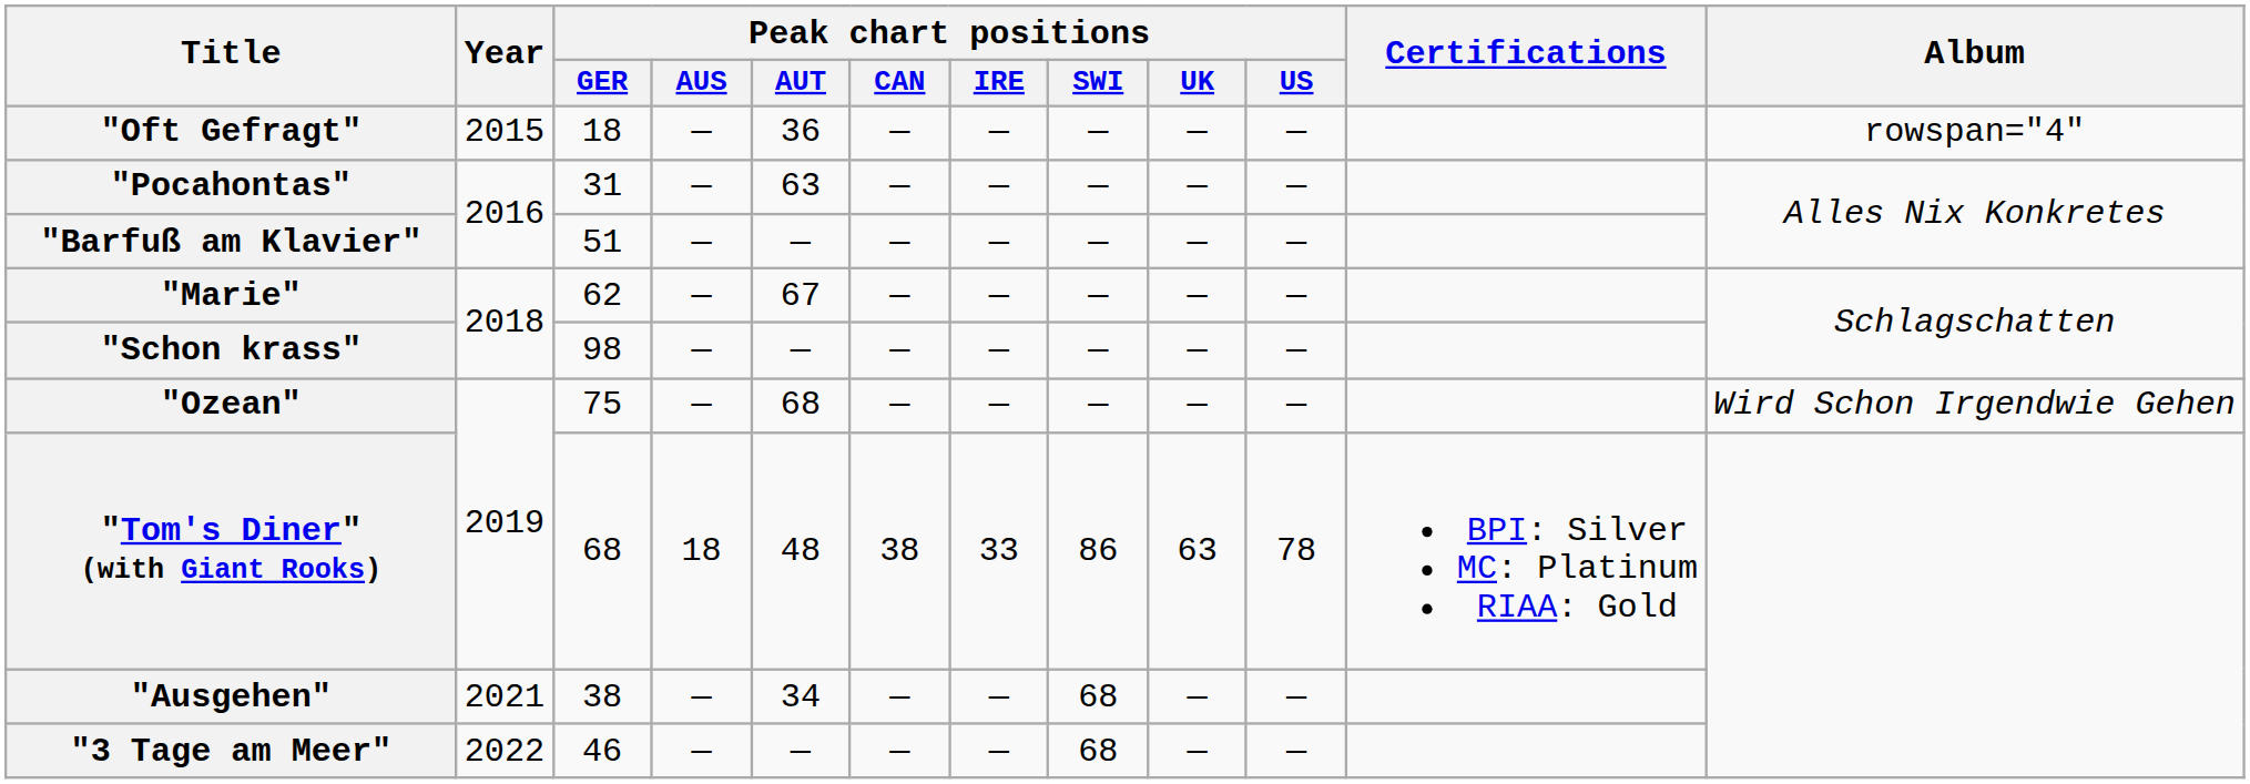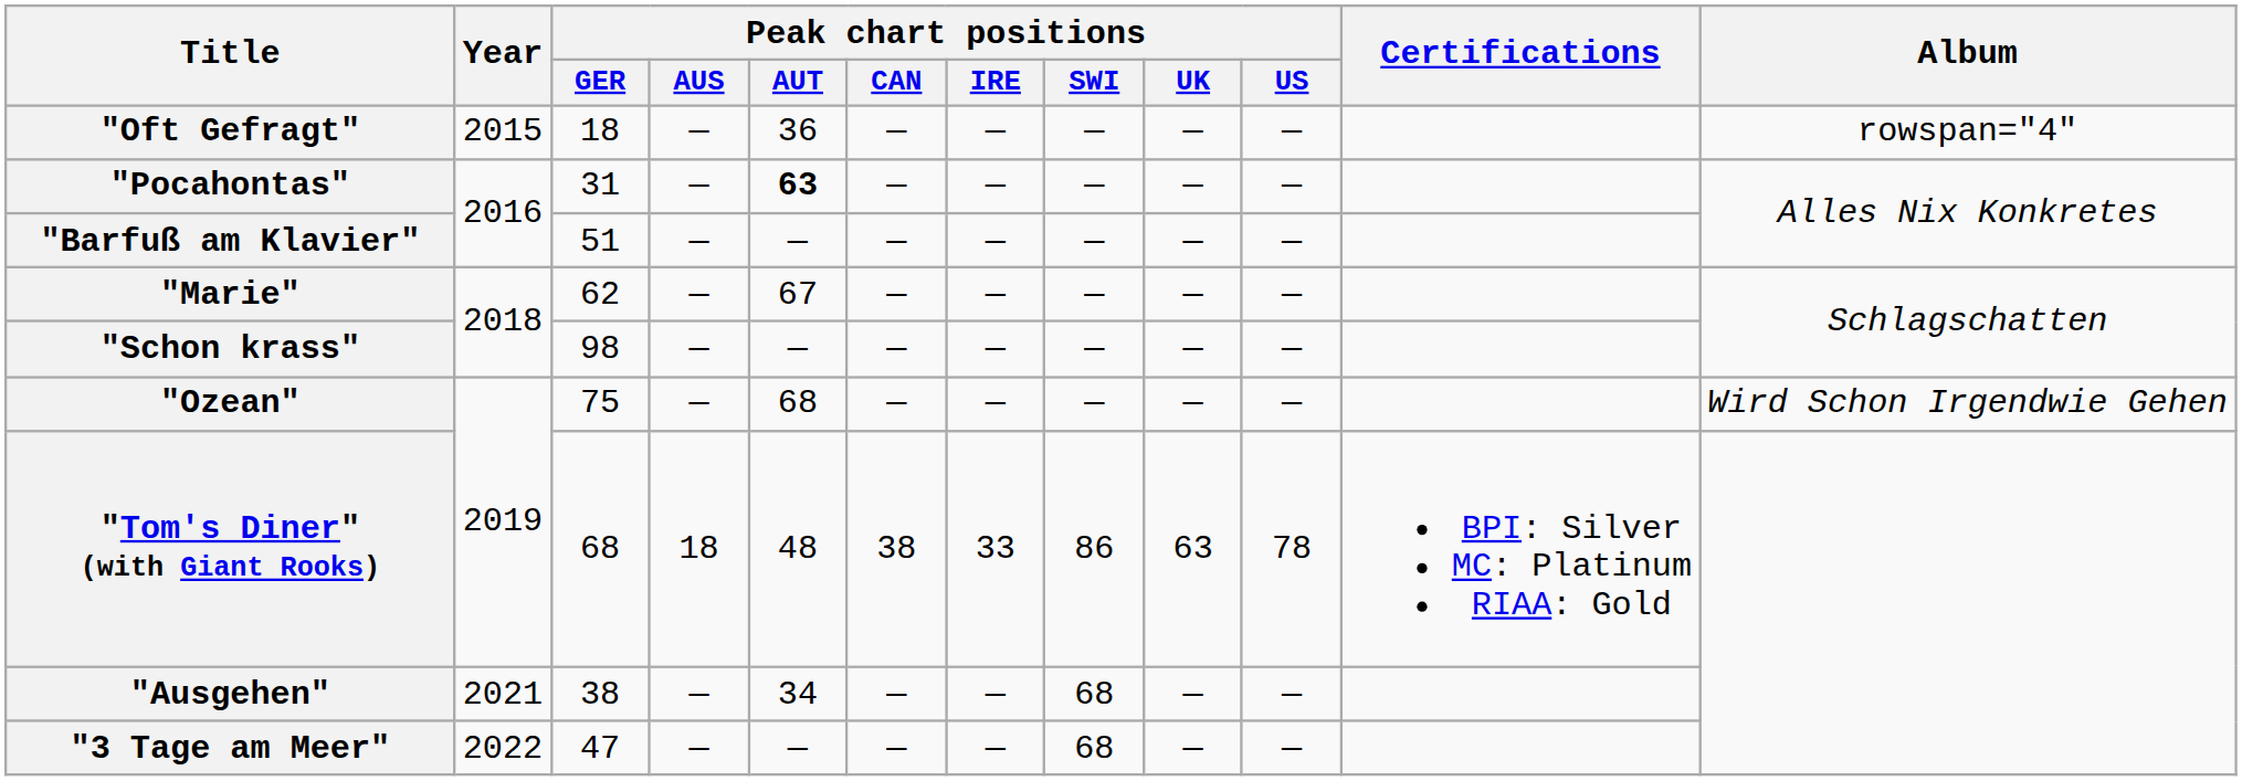 <table class="wikitable plainrowheaders" style="text-align:center;">
 <tr>
 <th scope="col" rowspan="2" style="width:13em;">Title</th>
 <th scope="col" rowspan="2" style="width:1em;">Year</th>
 <th scope="col" colspan="8">Peak chart positions</th>
 <th scope="col" rowspan="2"><a href='#'>Certifications</a></th>
 <th scope="col" rowspan="2">Album</th>
 </tr>
 <tr>
 <th scope="col" style="width:3em;font-size:85%;"><a href='#'>GER</a><br></th>
 <th scope="col" style="width:3em;font-size:85%;"><a href='#'>AUS</a><br></th>
 <th scope="col" style="width:3em;font-size:85%;"><a href='#'>AUT</a><br></th>
 <th scope="col" style="width:3em;font-size:85%"><a href='#'>CAN</a><br></th>
 <th scope="col" style="width:3em;font-size:85%"><a href='#'>IRE</a><br></th>
 <th scope="col" style="width:3em;font-size:85%"><a href='#'>SWI</a><br></th>
 <th scope="col" style="width:3em;font-size:85%"><a href='#'>UK</a><br></th>
 <th scope="col" style="width:3em;font-size:85%"><a href='#'>US</a><br></th>
 </tr>
 <tr>
 <th scope="row">"Oft Gefragt"</th>
 <td>2015</td>
 <td>18</td>
 <td>—</td>
 <td>36</td>
 <td>—</td>
 <td>—</td>
 <td>—</td>
 <td>—</td>
 <td>—</td>
 <td></td>
 <td>rowspan="4" </td>
 </tr>
 <tr>
 <th scope="row">"Pocahontas"</th>
 <td rowspan="2">2016</td>
 <td>31</td>
 <td>—</td>
-<td>63</td>
+<td><strong>63</strong></td>
 <td>—</td>
 <td>—</td>
 <td>—</td>
 <td>—</td>
 <td>—</td>
 <td></td>
 <td rowspan="2"><em>Alles Nix Konkretes</em></td>
 </tr>
 <tr>
 <th scope="row">"Barfuß am Klavier"</th>
 <td>51</td>
 <td>—</td>
 <td>—</td>
 <td>—</td>
 <td>—</td>
 <td>—</td>
 <td>—</td>
 <td>—</td>
 <td></td>
 </tr>
 <tr>
 <th scope="row">"Marie"</th>
 <td rowspan="2">2018</td>
 <td>62</td>
 <td>—</td>
 <td>67</td>
 <td>—</td>
 <td>—</td>
 <td>—</td>
 <td>—</td>
 <td>—</td>
 <td></td>
 <td rowspan="2"><em>Schlagschatten</em></td>
 </tr>
 <tr>
 <th scope="row">"Schon krass"</th>
 <td>98</td>
 <td>—</td>
 <td>—</td>
 <td>—</td>
 <td>—</td>
 <td>—</td>
 <td>—</td>
 <td>—</td>
 <td></td>
 </tr>
 <tr>
 <th scope="row">"Ozean"</th>
 <td rowspan="2">2019</td>
 <td>75</td>
 <td>—</td>
 <td>68</td>
 <td>—</td>
 <td>—</td>
 <td>—</td>
 <td>—</td>
 <td>—</td>
 <td></td>
 <td><em>Wird Schon Irgendwie Gehen</em></td>
 </tr>
 <tr>
 <th scope="row">"<a href='#'>Tom's Diner</a>" <small><br> (with <a href='#'>Giant Rooks</a>)</small></th>
 <td>68</td>
 <td>18</td>
 <td>48</td>
 <td>38</td>
 <td>33</td>
 <td>86</td>
 <td>63</td>
 <td>78</td>
 <td><br><ul><li><a href='#'>BPI</a>: Silver</li><li><a href='#'>MC</a>: Platinum</li><li><a href='#'>RIAA</a>: Gold</li></ul></td>
 </tr>
 <tr>
 <th scope="row">"Ausgehen"</th>
 <td>2021</td>
 <td>38</td>
 <td>—</td>
 <td>34</td>
 <td>—</td>
 <td>—</td>
 <td>68</td>
 <td>—</td>
 <td>—</td>
 <td></td>
 </tr>
 <tr>
 <th scope="row">"3 Tage am Meer"</th>
 <td>2022</td>
-<td>46</td>
+<td>47</td>
 <td>—</td>
 <td>—</td>
 <td>—</td>
 <td>—</td>
 <td>68</td>
 <td>—</td>
 <td>—</td>
 <td></td>
 </tr>
 </table>
